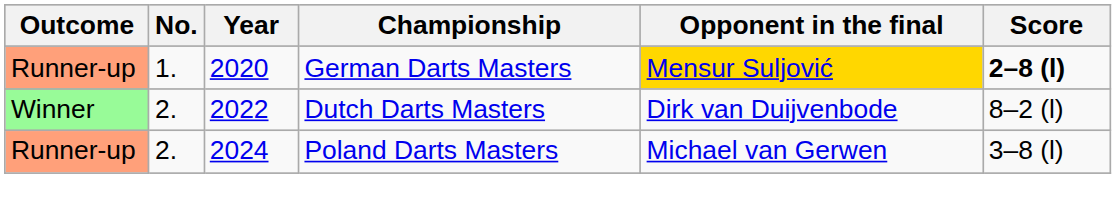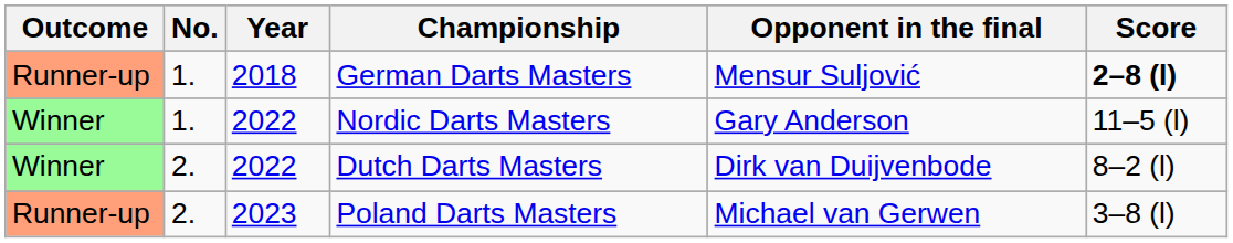 <table class=" sortable wikitable">
 <tr>
 <th style="width:80px;">Outcome</th>
 <th style="width:20px;">No.</th>
 <th style="width:50px;">Year</th>
 <th style="width:200px;">Championship</th>
 <th style="width:200px;">Opponent in the final</th>
 <th style="width:70px;">Score</th>
 </tr>
 <tr>
 <td style="background:#ffa07a">Runner-up</td>
 <td>1.</td>
-<td><a href='#'>2020</a></td>
+<td><a href='#'>2018</a></td>
 <td><a href='#'>German Darts Masters</a></td>
-<td style="background: gold;"> <a href='#'>Mensur Suljović</a></td>
+<td> <a href='#'>Mensur Suljović</a></td>
 <td><strong>2–8 (l)</strong></td>
+</tr>
+<tr>
+<td style="background:#98FB98">Winner</td>
+<td>1.</td>
+<td><a href='#'>2022</a></td>
+<td><a href='#'>Nordic Darts Masters</a></td>
+<td> <a href='#'>Gary Anderson</a></td>
+<td>11–5 (l)</td>
 </tr>
 <tr>
 <td style="background:#98FB98">Winner</td>
 <td>2.</td>
 <td><a href='#'>2022</a></td>
 <td><a href='#'>Dutch Darts Masters</a></td>
 <td> <a href='#'>Dirk van Duijvenbode</a></td>
 <td>8–2 (l)</td>
 </tr>
 <tr>
 <td style="background:#ffa07a">Runner-up</td>
 <td>2.</td>
-<td><a href='#'>2024</a></td>
+<td><a href='#'>2023</a></td>
 <td><a href='#'>Poland Darts Masters</a></td>
 <td> <a href='#'>Michael van Gerwen</a></td>
 <td>3–8 (l)</td>
 </tr>
 </table>
